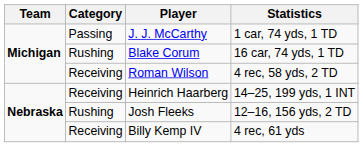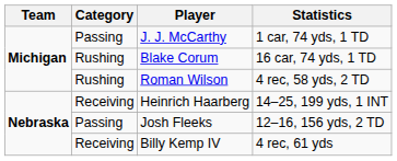 <table class="wikitable" style="float: right;">
 <tr>
 <th>Team</th>
 <th>Category</th>
 <th>Player</th>
 <th>Statistics</th>
 </tr>
 <tr>
 <td rowspan=3><strong>Michigan</strong></td>
 <td>Passing</td>
 <td><a href='#'>J. J. McCarthy</a></td>
 <td>1 car, 74 yds, 1 TD</td>
 </tr>
 <tr>
 <td>Rushing</td>
 <td><a href='#'>Blake Corum</a></td>
 <td>16 car, 74 yds, 1 TD</td>
 </tr>
 <tr>
-<td>Receiving</td>
+<td>Rushing</td>
 <td><a href='#'>Roman Wilson</a></td>
 <td>4 rec, 58 yds, 2 TD</td>
 </tr>
 <tr>
 <td rowspan=3><strong>Nebraska</strong></td>
 <td>Receiving</td>
 <td>Heinrich Haarberg</td>
 <td>14–25, 199 yds, 1 INT</td>
 </tr>
 <tr>
-<td>Rushing</td>
+<td>Passing</td>
 <td>Josh Fleeks</td>
 <td>12–16, 156 yds, 2 TD</td>
 </tr>
 <tr>
 <td>Receiving</td>
 <td>Billy Kemp IV</td>
 <td>4 rec, 61 yds</td>
 </tr>
 </table>
